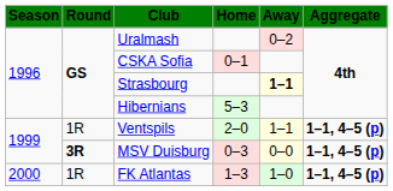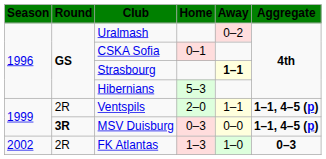 <table class="wikitable">
 <tr>
 <th style="background:green;color:#000000;">Season</th>
 <th style="background:green;color:#000000;">Round</th>
 <th style="background:green;color:#000000;">Club</th>
 <th style="background:green;color:#000000;">Home</th>
 <th style="background:green;color:#000000;">Away</th>
 <th style="background:green;color:#000000;">Aggregate</th>
 </tr>
 <tr>
 <td rowspan="4"><a href='#'>1996</a></td>
 <td rowspan="4"><strong>GS</strong></td>
 <td> <a href='#'>Uralmash</a></td>
 <td></td>
 <td style="text-align:center; background:#fdd;">0–2</td>
 <td style="text-align:center;" rowspan=4><strong>4th</strong></td>
 </tr>
 <tr>
 <td> <a href='#'>CSKA Sofia</a></td>
 <td style="text-align:center; background:#fdd;">0–1</td>
 <td></td>
 </tr>
 <tr>
 <td> <a href='#'>Strasbourg</a></td>
 <td></td>
 <td style="text-align:center; background:#ffd;"><strong>1–1</strong></td>
 </tr>
 <tr>
 <td> <a href='#'>Hibernians</a></td>
 <td style="text-align:center; background:#dfd;">5–3</td>
 <td></td>
 </tr>
 <tr>
 <td rowspan="2"><a href='#'>1999</a></td>
-<td>1R</td>
+<td>2R</td>
 <td> <a href='#'>Ventspils</a></td>
 <td style="text-align:center; background:#dfd;">2–0</td>
 <td style="text-align:center; background:#ffd;">1–1</td>
 <td style="text-align:center;"><strong>1–1, 4–5 (<a href='#'>p</a>)</strong></td>
 </tr>
 <tr>
 <td><strong>3R</strong></td>
 <td> <a href='#'>MSV Duisburg</a></td>
 <td style="text-align:center; background:#fdd;">0–3</td>
 <td style="text-align:center; background:#ffd;">0–0</td>
 <td style="text-align:center;"><strong>1–1, 4–5 (<a href='#'>p</a>)</strong></td>
 </tr>
 <tr>
-<td><a href='#'>2000</a></td>
-<td>1R</td>
+<td><a href='#'>2002</a></td>
+<td>2R</td>
 <td> <a href='#'>FK Atlantas</a></td>
 <td style="text-align:center; background:#fdd;">1–3</td>
 <td style="text-align:center; background:#dfd;">1–0</td>
-<td style="text-align:center;"><strong>1–1, 4–5 (<a href='#'>p</a>)</strong></td>
+<td style="text-align:center;"><strong>0–3</strong></td>
 </tr>
 </table>
